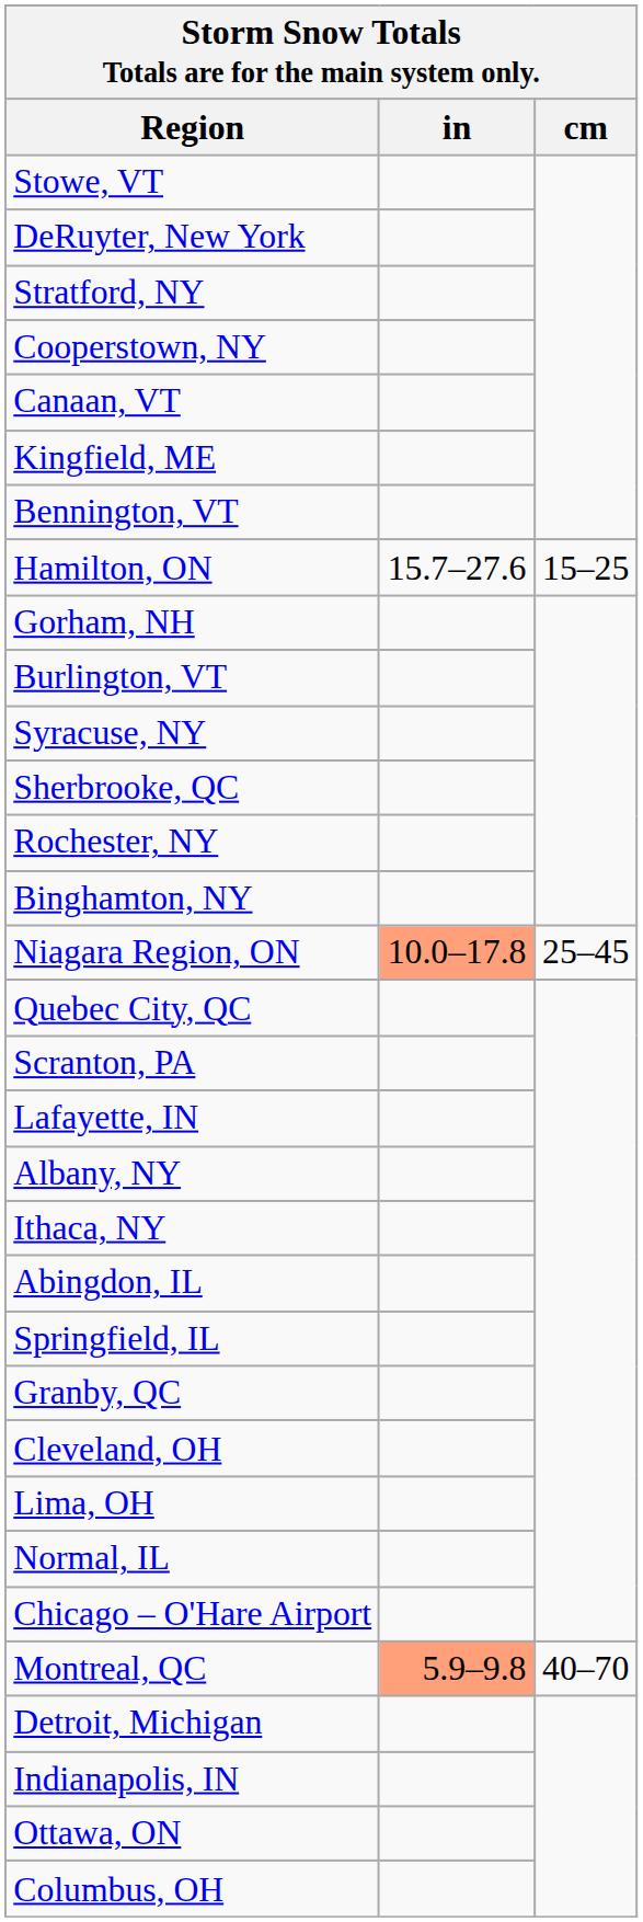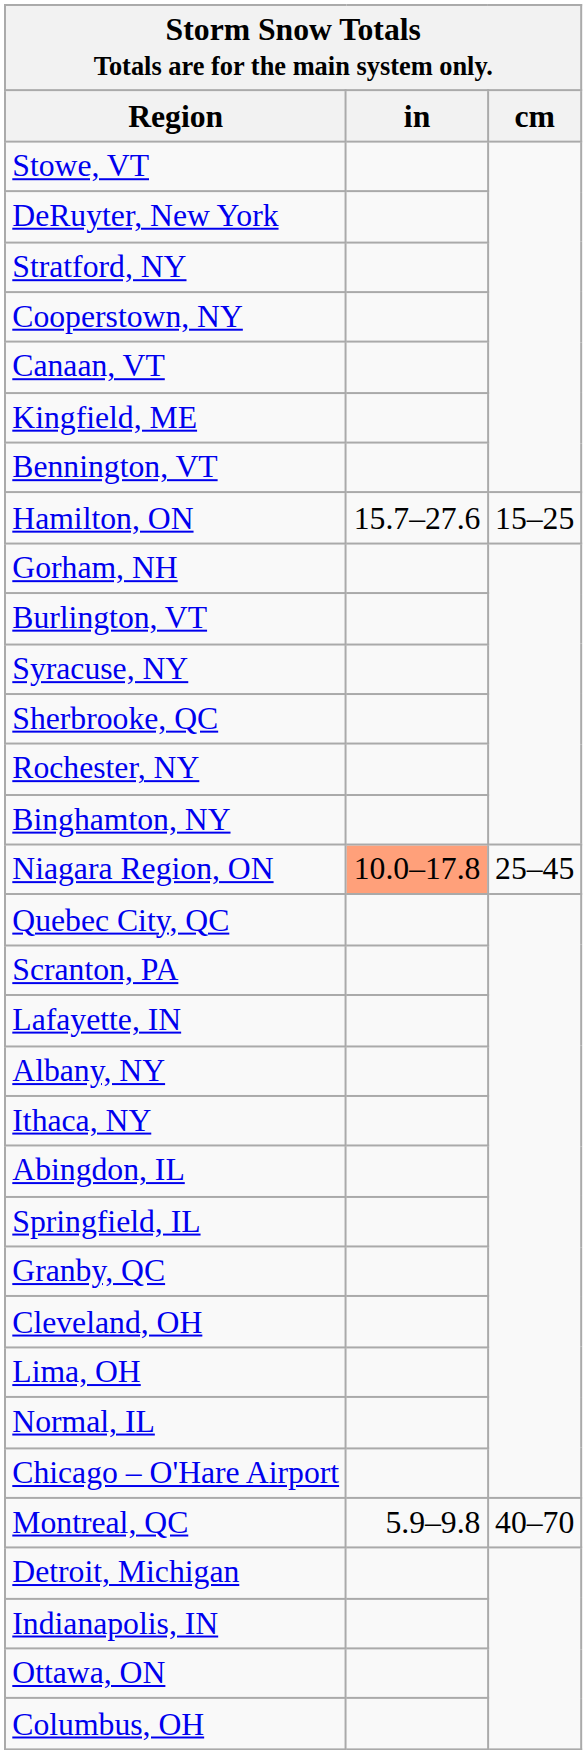 <table class=wikitable style="align: left;">
 <tr>
 <th colspan=3 style="text-align: center;"><span>Storm Snow Totals</span><br><small>Totals are for the main system only.</small></th>
 </tr>
 <tr>
 <th>Region</th>
 <th>in</th>
 <th>cm</th>
 </tr>
 <tr>
 <td><a href='#'>Stowe, VT</a></td>
 <td></td>
 </tr>
 <tr>
 <td><a href='#'>DeRuyter, New York</a></td>
 <td></td>
 </tr>
 <tr>
 <td><a href='#'>Stratford, NY</a></td>
 <td></td>
 </tr>
 <tr>
 <td><a href='#'>Cooperstown, NY</a></td>
 <td></td>
 </tr>
 <tr>
 <td><a href='#'>Canaan, VT</a></td>
 <td></td>
 </tr>
 <tr>
 <td><a href='#'>Kingfield, ME</a></td>
 <td></td>
 </tr>
 <tr>
 <td><a href='#'>Bennington, VT</a></td>
 <td></td>
 </tr>
 <tr>
 <td><a href='#'>Hamilton, ON</a></td>
 <td align=right>15.7–27.6</td>
 <td align=right>15–25</td>
 </tr>
 <tr>
 <td><a href='#'>Gorham, NH</a></td>
 <td></td>
 </tr>
 <tr>
 <td><a href='#'>Burlington, VT</a></td>
 <td></td>
 </tr>
 <tr>
 <td><a href='#'>Syracuse, NY</a></td>
 <td></td>
 </tr>
 <tr>
 <td><a href='#'>Sherbrooke, QC</a></td>
 <td></td>
 </tr>
 <tr>
 <td><a href='#'>Rochester, NY</a></td>
 <td></td>
 </tr>
 <tr>
 <td><a href='#'>Binghamton, NY</a></td>
 <td></td>
 </tr>
 <tr>
 <td><a href='#'>Niagara Region, ON</a></td>
 <td align=right style="background: lightsalmon;">10.0–17.8</td>
 <td align=right>25–45</td>
 </tr>
 <tr>
 <td><a href='#'>Quebec City, QC</a></td>
 <td></td>
 </tr>
 <tr>
 <td><a href='#'>Scranton, PA</a></td>
 <td></td>
 </tr>
 <tr>
 <td><a href='#'>Lafayette, IN</a></td>
 <td></td>
 </tr>
 <tr>
 <td><a href='#'>Albany, NY</a></td>
 <td></td>
 </tr>
 <tr>
 <td><a href='#'>Ithaca, NY</a></td>
 <td></td>
 </tr>
 <tr>
 <td><a href='#'>Abingdon, IL</a></td>
 <td></td>
 </tr>
 <tr>
 <td><a href='#'>Springfield, IL</a></td>
 <td></td>
 </tr>
 <tr>
 <td><a href='#'>Granby, QC</a></td>
 <td></td>
 </tr>
 <tr>
 <td><a href='#'>Cleveland, OH</a></td>
 <td></td>
 </tr>
 <tr>
 <td><a href='#'>Lima, OH</a></td>
 <td></td>
 </tr>
 <tr>
 <td><a href='#'>Normal, IL</a></td>
 <td></td>
 </tr>
 <tr>
 <td><a href='#'>Chicago – O'Hare Airport</a></td>
 <td></td>
 </tr>
 <tr>
 <td><a href='#'>Montreal, QC</a></td>
-<td align=right style="background: lightsalmon;">5.9–9.8</td>
+<td align=right>5.9–9.8</td>
 <td align=right>40–70</td>
 </tr>
 <tr>
 <td><a href='#'>Detroit, Michigan</a></td>
 <td></td>
 </tr>
 <tr>
 <td><a href='#'>Indianapolis, IN</a></td>
 <td></td>
 </tr>
 <tr>
 <td><a href='#'>Ottawa, ON</a></td>
 <td></td>
 </tr>
 <tr>
 <td><a href='#'>Columbus, OH</a></td>
 <td></td>
 </tr>
 </table>
